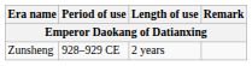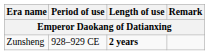 <table class="wikitable">
 <tr>
 <th>Era name</th>
 <th>Period of use</th>
 <th>Length of use</th>
 <th>Remark</th>
 </tr>
 <tr>
 <th colspan="4">Emperor Daokang of Datianxing<br></th>
 </tr>
 <tr>
 <td>Zunsheng<br></td>
 <td>928–929 CE</td>
-<td>2 years</td>
+<td><strong>2 years</strong></td>
 <td></td>
 </tr>
 </table>
